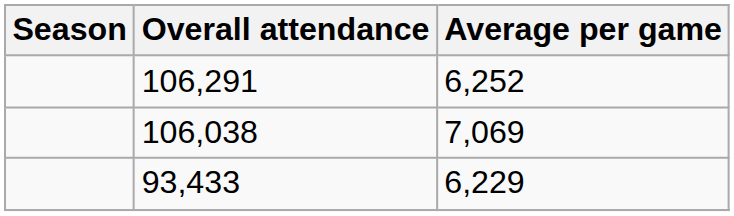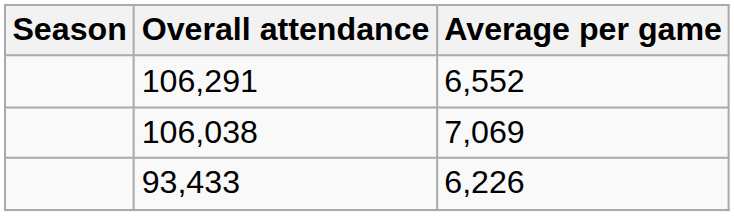 <table class="wikitable sortable plainrowheaders">
 <tr>
 <th>Season</th>
 <th>Overall attendance</th>
 <th>Average per game</th>
 </tr>
 <tr>
 <td></td>
 <td>106,291</td>
-<td>6,252</td>
+<td>6,552</td>
 </tr>
 <tr>
 <td></td>
 <td>106,038</td>
 <td>7,069</td>
 </tr>
 <tr>
 <td></td>
 <td>93,433</td>
-<td>6,229</td>
+<td>6,226</td>
 </tr>
 <tr>
 </tr>
 </table>
